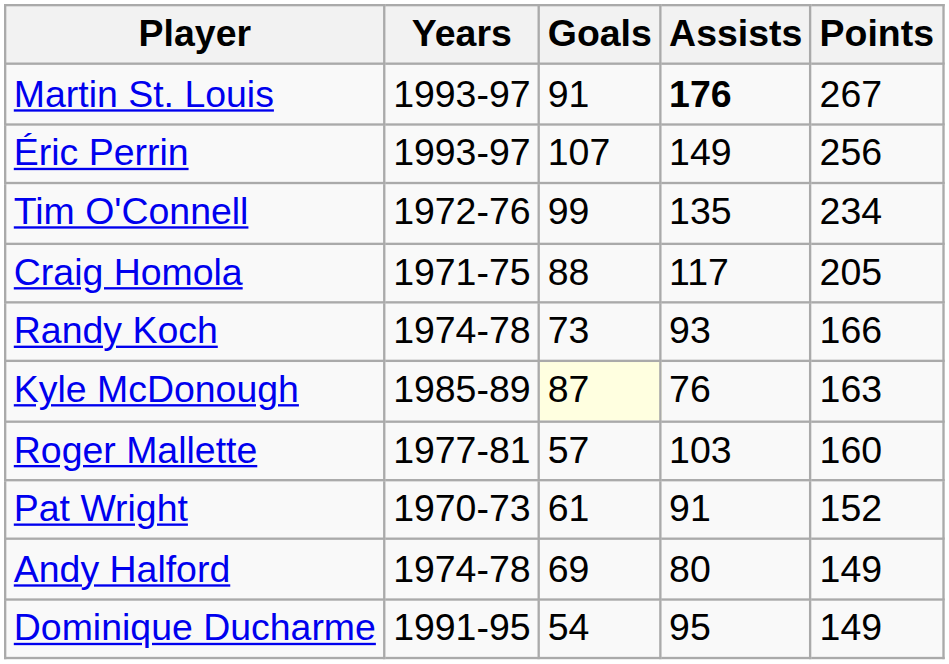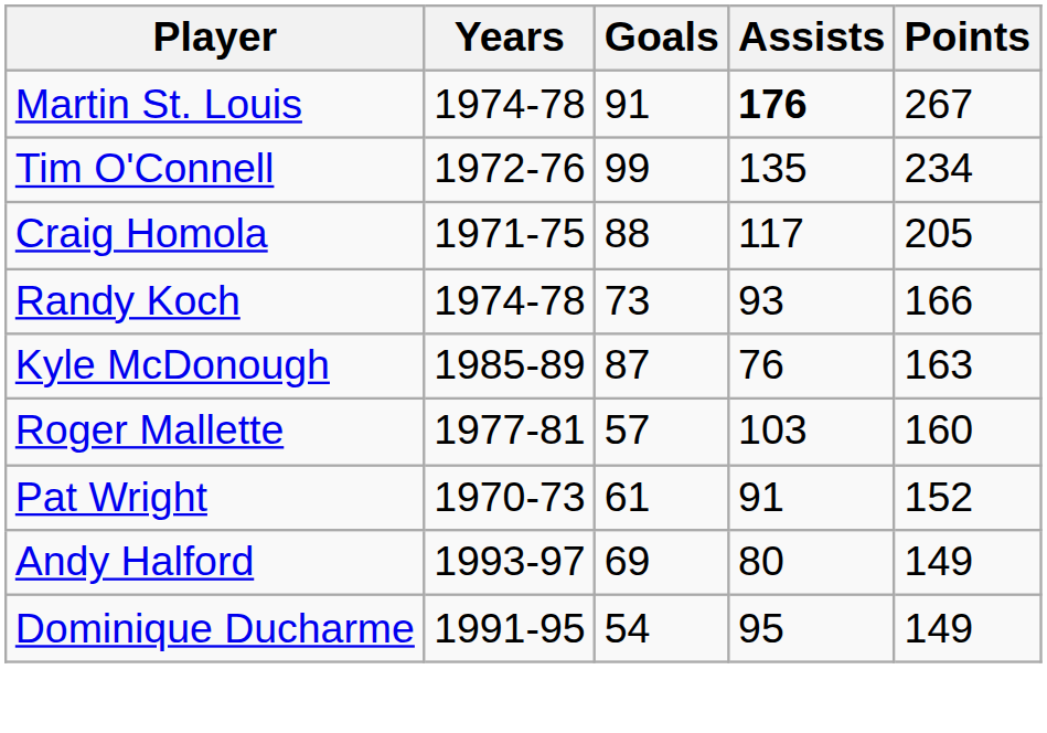 <table class="wikitable" border="1">
 <tr>
 <th>Player</th>
 <th>Years</th>
 <th>Goals</th>
 <th>Assists</th>
 <th>Points</th>
 </tr>
 <tr>
 <td><a href='#'>Martin St. Louis</a></td>
-<td>1993-97</td>
+<td>1974-78</td>
 <td>91</td>
 <td><strong>176</strong></td>
 <td>267</td>
-</tr>
-<tr>
-<td><a href='#'>Éric Perrin</a></td>
-<td>1993-97</td>
-<td>107</td>
-<td>149</td>
-<td>256</td>
 </tr>
 <tr>
 <td><a href='#'>Tim O'Connell</a></td>
 <td>1972-76</td>
 <td>99</td>
 <td>135</td>
 <td>234</td>
 </tr>
 <tr>
 <td><a href='#'>Craig Homola</a></td>
 <td>1971-75</td>
 <td>88</td>
 <td>117</td>
 <td>205</td>
 </tr>
 <tr>
 <td><a href='#'>Randy Koch</a></td>
 <td>1974-78</td>
 <td>73</td>
 <td>93</td>
 <td>166</td>
 </tr>
 <tr>
 <td><a href='#'>Kyle McDonough</a></td>
 <td>1985-89</td>
-<td style="background: lightyellow;">87</td>
+<td>87</td>
 <td>76</td>
 <td>163</td>
 </tr>
 <tr>
 <td><a href='#'>Roger Mallette</a></td>
 <td>1977-81</td>
 <td>57</td>
 <td>103</td>
 <td>160</td>
 </tr>
 <tr>
 <td><a href='#'>Pat Wright</a></td>
 <td>1970-73</td>
 <td>61</td>
 <td>91</td>
 <td>152</td>
 </tr>
 <tr>
 <td><a href='#'>Andy Halford</a></td>
-<td>1974-78</td>
+<td>1993-97</td>
 <td>69</td>
 <td>80</td>
 <td>149</td>
 </tr>
 <tr>
 <td><a href='#'>Dominique Ducharme</a></td>
 <td>1991-95</td>
 <td>54</td>
 <td>95</td>
 <td>149</td>
 </tr>
 </table>
